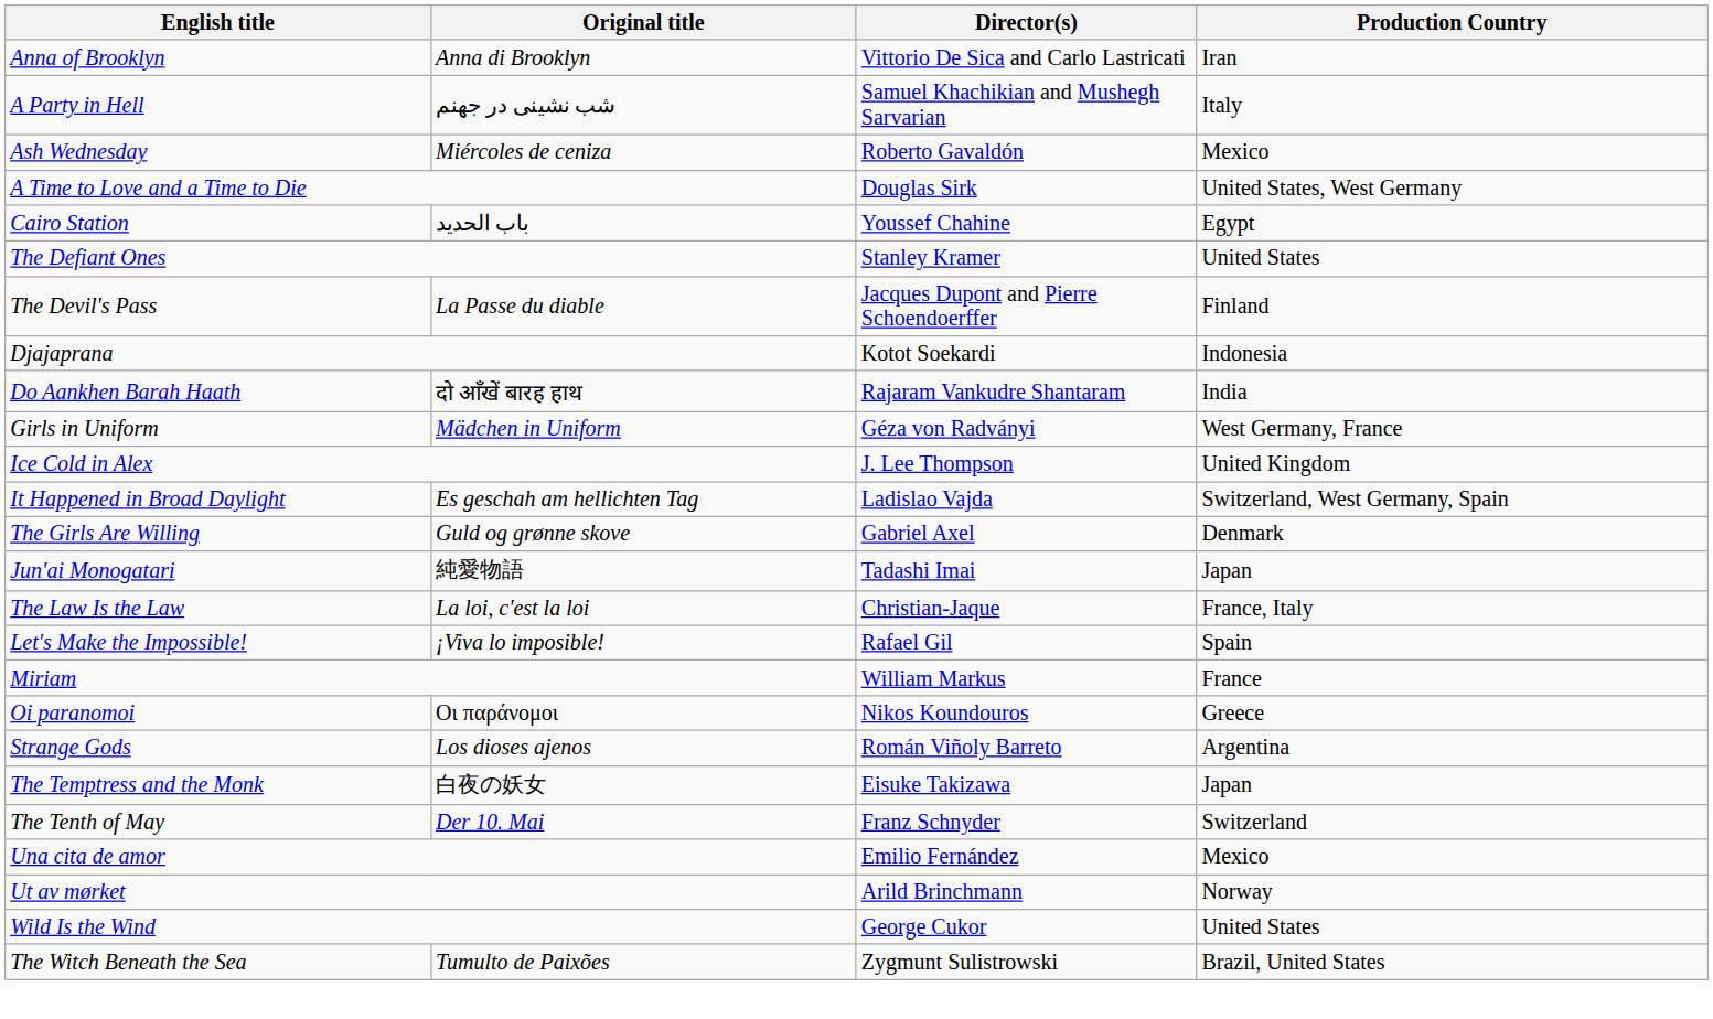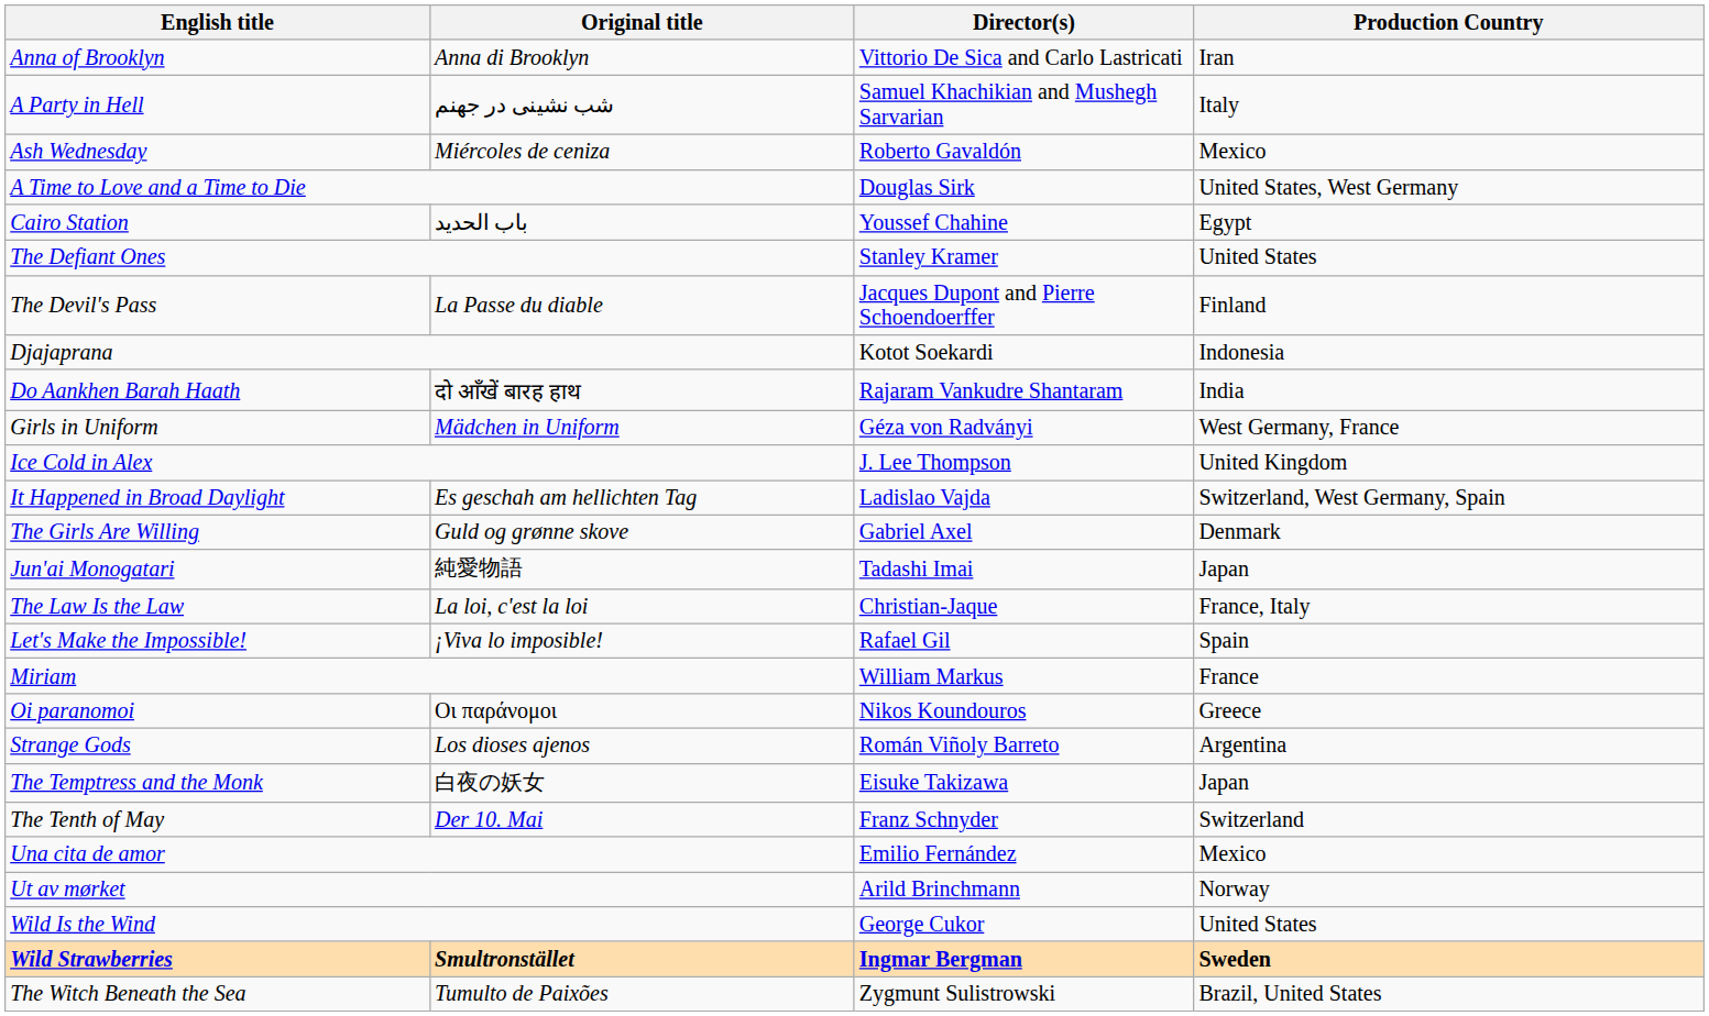 <table class="wikitable" width="78%" cellpadding="5">
 <tr>
 <th width="25%">English title</th>
 <th width="25%">Original title</th>
 <th width="20%">Director(s)</th>
 <th width="30%">Production Country</th>
 </tr>
 <tr>
 <td><em><a href='#'>Anna of Brooklyn</a></em></td>
 <td><em>Anna di Brooklyn</em></td>
 <td><a href='#'>Vittorio De Sica</a> and Carlo Lastricati</td>
 <td>Iran</td>
 </tr>
 <tr>
 <td><em><a href='#'>A Party in Hell</a></em></td>
 <td>شب‌ نشینی در جهنم</td>
 <td><a href='#'>Samuel Khachikian</a> and <a href='#'>Mushegh Sarvarian</a></td>
 <td>Italy</td>
 </tr>
 <tr>
 <td><em><a href='#'>Ash Wednesday</a></em></td>
 <td><em>Miércoles de ceniza</em></td>
 <td><a href='#'>Roberto Gavaldón</a></td>
 <td>Mexico</td>
 </tr>
 <tr>
 <td colspan="2"><em><a href='#'>A Time to Love and a Time to Die</a></em></td>
 <td><a href='#'>Douglas Sirk</a></td>
 <td>United States, West Germany</td>
 </tr>
 <tr>
 <td><em><a href='#'>Cairo Station</a></em></td>
 <td>باب الحديد</td>
 <td><a href='#'>Youssef Chahine</a></td>
 <td>Egypt</td>
 </tr>
 <tr>
 <td colspan="2"><em><a href='#'>The Defiant Ones</a></em></td>
 <td><a href='#'>Stanley Kramer</a></td>
 <td>United States</td>
 </tr>
 <tr>
 <td><em>The Devil's Pass</em></td>
 <td><em>La Passe du diable</em></td>
 <td><a href='#'>Jacques Dupont</a> and <a href='#'>Pierre Schoendoerffer</a></td>
 <td>Finland</td>
 </tr>
 <tr>
 <td colspan="2"><em>Djajaprana</em></td>
 <td>Kotot Soekardi</td>
 <td>Indonesia</td>
 </tr>
 <tr>
 <td><em><a href='#'>Do Aankhen Barah Haath</a></em></td>
 <td>दो आँखें बारह हाथ</td>
 <td><a href='#'>Rajaram Vankudre Shantaram</a></td>
 <td>India</td>
 </tr>
 <tr>
 <td><em>Girls in Uniform</em></td>
 <td><em><a href='#'>Mädchen in Uniform</a></em></td>
 <td><a href='#'>Géza von Radványi</a></td>
 <td>West Germany, France</td>
 </tr>
 <tr>
 <td colspan="2"><em><a href='#'>Ice Cold in Alex</a></em></td>
 <td><a href='#'>J. Lee Thompson</a></td>
 <td>United Kingdom</td>
 </tr>
 <tr>
 <td><em><a href='#'>It Happened in Broad Daylight</a></em></td>
 <td><em>Es geschah am hellichten Tag</em></td>
 <td><a href='#'>Ladislao Vajda</a></td>
 <td>Switzerland, West Germany, Spain</td>
 </tr>
 <tr>
 <td><em><a href='#'>The Girls Are Willing</a></em></td>
 <td><em>Guld og grønne skove</em></td>
 <td><a href='#'>Gabriel Axel</a></td>
 <td>Denmark</td>
 </tr>
 <tr>
 <td><em><a href='#'>Jun'ai Monogatari</a></em></td>
 <td>純愛物語</td>
 <td><a href='#'>Tadashi Imai</a></td>
 <td>Japan</td>
 </tr>
 <tr>
 <td><em><a href='#'>The Law Is the Law</a></em></td>
 <td><em>La loi, c'est la loi</em></td>
 <td><a href='#'>Christian-Jaque</a></td>
 <td>France, Italy</td>
 </tr>
 <tr>
 <td><em><a href='#'>Let's Make the Impossible!</a></em></td>
 <td><em>¡Viva lo imposible!</em></td>
 <td><a href='#'>Rafael Gil</a></td>
 <td>Spain</td>
 </tr>
 <tr>
 <td colspan="2"><em><a href='#'>Miriam</a></em></td>
 <td><a href='#'>William Markus</a></td>
 <td>France</td>
 </tr>
 <tr>
 <td><em><a href='#'>Oi paranomoi</a></em></td>
 <td>Οι παράνομοι</td>
 <td><a href='#'>Nikos Koundouros</a></td>
 <td>Greece</td>
 </tr>
 <tr>
 <td><em><a href='#'>Strange Gods</a></em></td>
 <td><em>Los dioses ajenos</em></td>
 <td><a href='#'>Román Viñoly Barreto</a></td>
 <td>Argentina</td>
 </tr>
 <tr>
 <td><em><a href='#'>The Temptress and the Monk</a></em></td>
 <td>白夜の妖女</td>
 <td><a href='#'>Eisuke Takizawa</a></td>
 <td>Japan</td>
 </tr>
 <tr>
 <td><em>The Tenth of May</em></td>
 <td><em><a href='#'>Der 10. Mai</a></em></td>
 <td><a href='#'>Franz Schnyder</a></td>
 <td>Switzerland</td>
 </tr>
 <tr>
 <td colspan="2"><em><a href='#'>Una cita de amor</a></em></td>
 <td><a href='#'>Emilio Fernández</a></td>
 <td>Mexico</td>
 </tr>
 <tr>
 <td colspan="2"><em><a href='#'>Ut av mørket</a></em></td>
 <td><a href='#'>Arild Brinchmann</a></td>
 <td>Norway</td>
 </tr>
 <tr>
 <td colspan="2"><em><a href='#'>Wild Is the Wind</a></em></td>
 <td><a href='#'>George Cukor</a></td>
 <td>United States</td>
 </tr>
+<tr style="background:#FFDEAD;">
+<td><strong><em><a href='#'>Wild Strawberries</a></em></strong></td>
+<td><strong><em>Smultronstället</em></strong></td>
+<td><strong><a href='#'>Ingmar Bergman</a></strong></td>
+<td><strong>Sweden</strong></td>
+</tr>
 <tr>
 <td><em>The Witch Beneath the Sea</em></td>
 <td><em>Tumulto de Paixões</em></td>
 <td>Zygmunt Sulistrowski</td>
 <td>Brazil, United States</td>
 </tr>
 </table>
